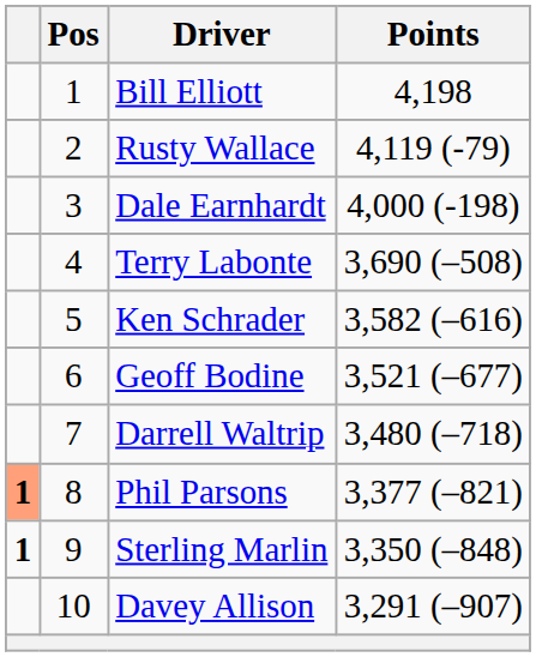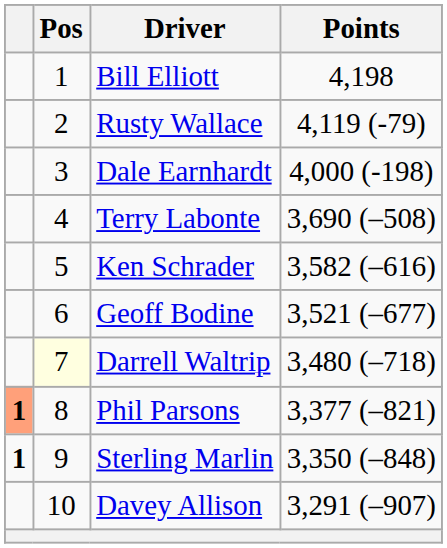 <table class="wikitable" style="font-size: 95%;">
 <tr>
 <th></th>
 <th>Pos</th>
 <th>Driver</th>
 <th>Points</th>
 </tr>
 <tr>
 <td align="left"></td>
 <td style="text-align:center;">1</td>
 <td><a href='#'>Bill Elliott</a></td>
 <td style="text-align:center;">4,198</td>
 </tr>
 <tr>
 <td align="left"></td>
 <td style="text-align:center;">2</td>
 <td><a href='#'>Rusty Wallace</a></td>
 <td style="text-align:center;">4,119 (-79)</td>
 </tr>
 <tr>
 <td align="left"></td>
 <td style="text-align:center;">3</td>
 <td><a href='#'>Dale Earnhardt</a></td>
 <td style="text-align:center;">4,000 (-198)</td>
 </tr>
 <tr>
 <td align="left"></td>
 <td style="text-align:center;">4</td>
 <td><a href='#'>Terry Labonte</a></td>
 <td style="text-align:center;">3,690 (–508)</td>
 </tr>
 <tr>
 <td align="left"></td>
 <td style="text-align:center;">5</td>
 <td><a href='#'>Ken Schrader</a></td>
 <td style="text-align:center;">3,582 (–616)</td>
 </tr>
 <tr>
 <td align="left"></td>
 <td style="text-align:center;">6</td>
 <td><a href='#'>Geoff Bodine</a></td>
 <td style="text-align:center;">3,521 (–677)</td>
 </tr>
 <tr>
 <td align="left"></td>
-<td style="text-align:center;">7</td>
+<td style="background: lightyellow; text-align:center;">7</td>
 <td><a href='#'>Darrell Waltrip</a></td>
 <td style="text-align:center;">3,480 (–718)</td>
 </tr>
 <tr>
 <td align="left" style="background: lightsalmon;">  <strong>1</strong></td>
 <td style="text-align:center;">8</td>
 <td><a href='#'>Phil Parsons</a></td>
 <td style="text-align:center;">3,377 (–821)</td>
 </tr>
 <tr>
 <td align="left">  <strong>1</strong></td>
 <td style="text-align:center;">9</td>
 <td><a href='#'>Sterling Marlin</a></td>
 <td style="text-align:center;">3,350 (–848)</td>
 </tr>
 <tr>
 <td align="left"></td>
 <td style="text-align:center;">10</td>
 <td><a href='#'>Davey Allison</a></td>
 <td style="text-align:center;">3,291 (–907)</td>
 </tr>
 <tr class="sortbottom">
 <th colspan="9"></th>
 </tr>
 </table>
